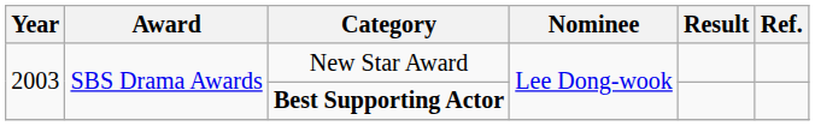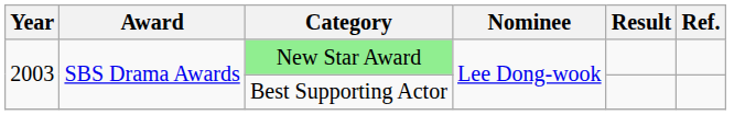 <table class="wikitable sortable" style="text-align: center;">
 <tr>
 <th>Year</th>
 <th>Award</th>
 <th>Category</th>
 <th>Nominee</th>
 <th>Result</th>
 <th class="unsortable">Ref.</th>
 </tr>
 <tr>
 <td rowspan=2>2003</td>
 <td rowspan=2><a href='#'>SBS Drama Awards</a></td>
-<td>New Star Award</td>
+<td style="background: lightgreen;">New Star Award</td>
 <td rowspan=2><a href='#'>Lee Dong-wook</a></td>
 <td></td>
 <td></td>
 </tr>
 <tr>
-<td><strong>Best Supporting Actor</strong></td>
+<td>Best Supporting Actor</td>
 <td></td>
 <td></td>
 </tr>
 <tr>
 </tr>
 </table>
